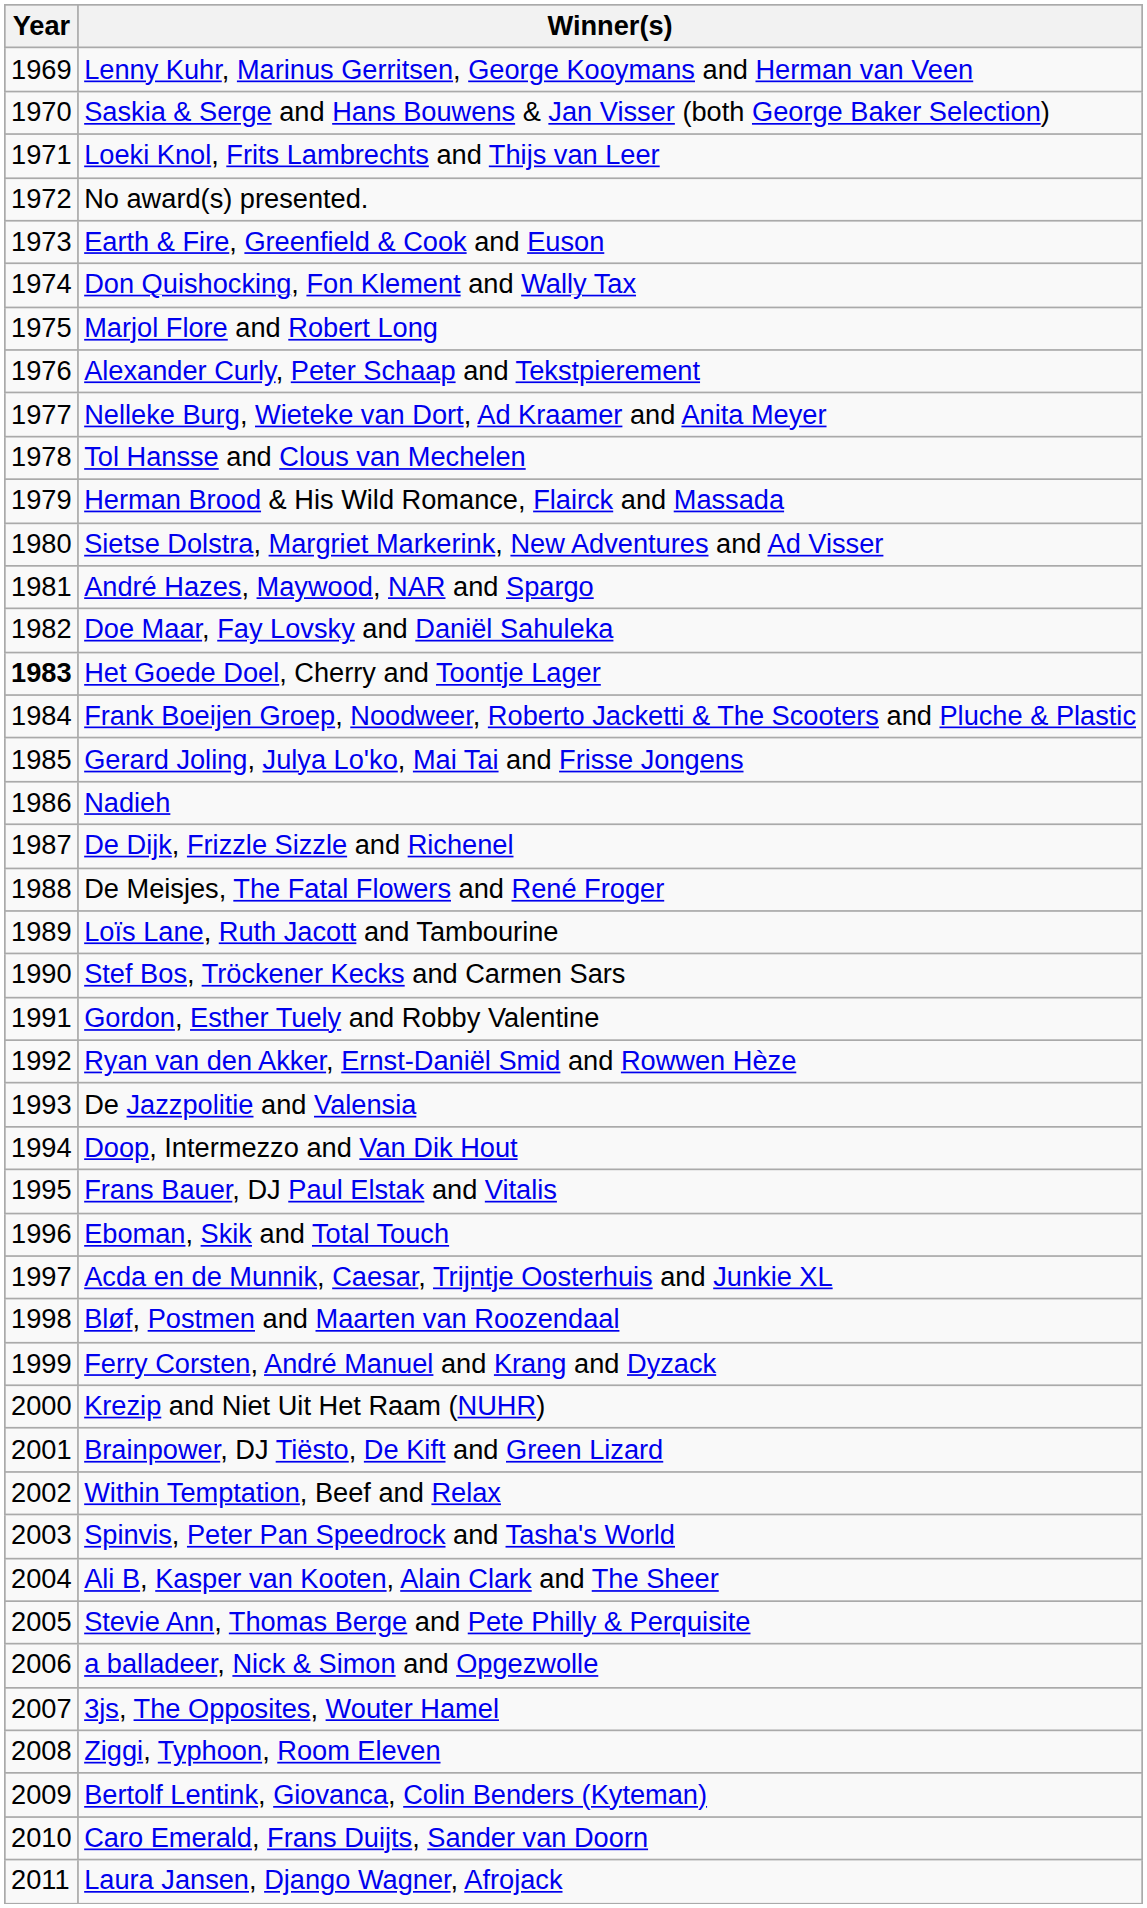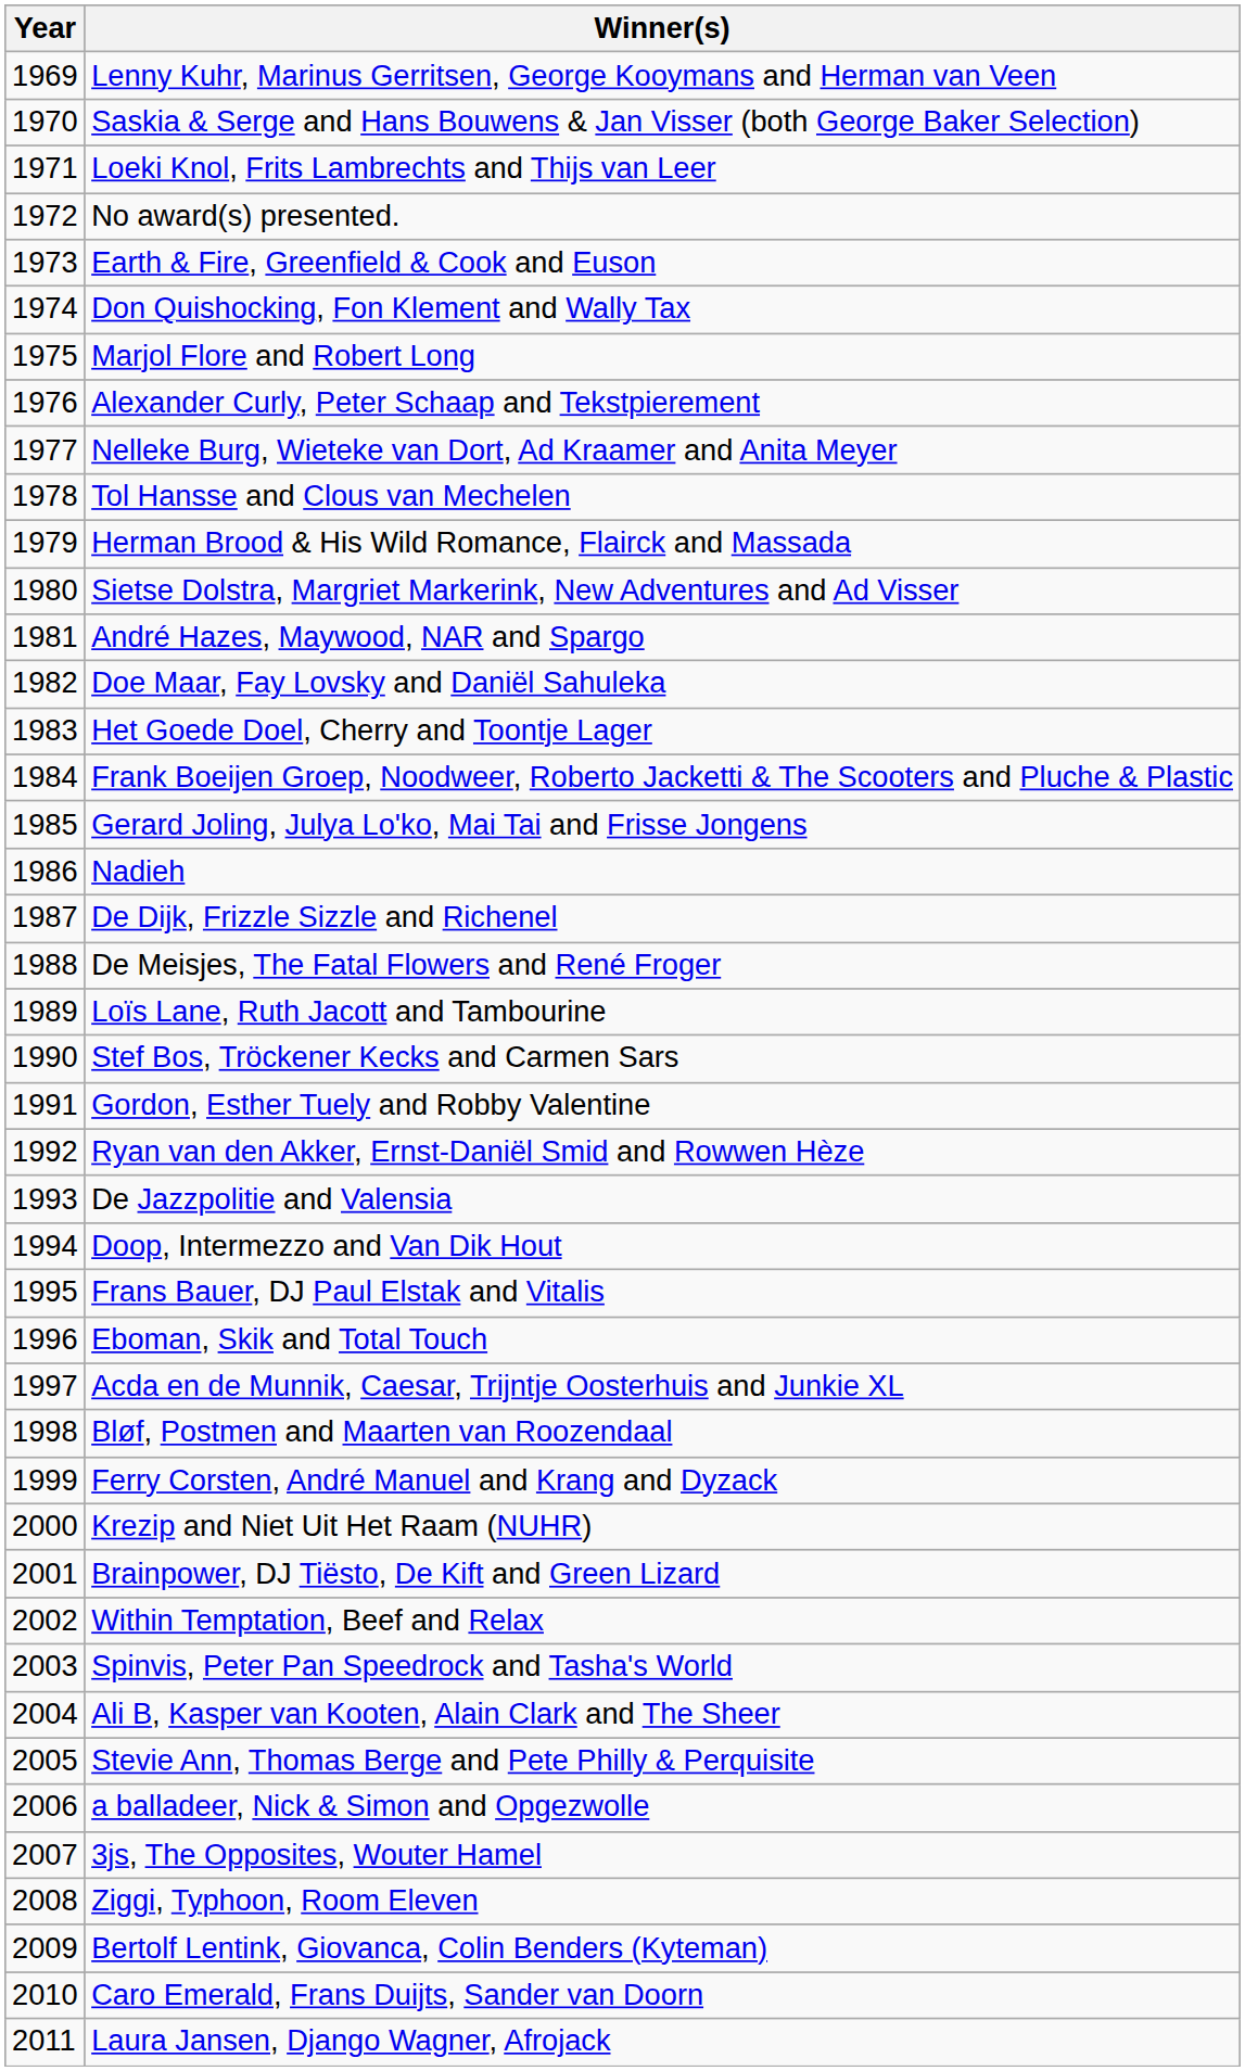 <table class="wikitable">
 <tr>
 <th>Year</th>
 <th>Winner(s)</th>
 </tr>
 <tr>
 <td>1969</td>
 <td><a href='#'>Lenny Kuhr</a>, <a href='#'>Marinus Gerritsen</a>, <a href='#'>George Kooymans</a> and <a href='#'>Herman van Veen</a></td>
 </tr>
 <tr>
 <td>1970</td>
 <td><a href='#'>Saskia & Serge</a> and <a href='#'>Hans Bouwens</a> & <a href='#'>Jan Visser</a> (both <a href='#'>George Baker Selection</a>)</td>
 </tr>
 <tr>
 <td>1971</td>
 <td><a href='#'>Loeki Knol</a>, <a href='#'>Frits Lambrechts</a> and <a href='#'>Thijs van Leer</a></td>
 </tr>
 <tr>
 <td>1972</td>
 <td>No award(s) presented.</td>
 </tr>
 <tr>
 <td>1973</td>
 <td><a href='#'>Earth & Fire</a>, <a href='#'>Greenfield & Cook</a> and <a href='#'>Euson</a></td>
 </tr>
 <tr>
 <td>1974</td>
 <td><a href='#'>Don Quishocking</a>, <a href='#'>Fon Klement</a> and <a href='#'>Wally Tax</a></td>
 </tr>
 <tr>
 <td>1975</td>
 <td><a href='#'>Marjol Flore</a> and <a href='#'>Robert Long</a></td>
 </tr>
 <tr>
 <td>1976</td>
 <td><a href='#'>Alexander Curly</a>, <a href='#'>Peter Schaap</a> and <a href='#'>Tekstpierement</a></td>
 </tr>
 <tr>
 <td>1977</td>
 <td><a href='#'>Nelleke Burg</a>, <a href='#'>Wieteke van Dort</a>, <a href='#'>Ad Kraamer</a> and <a href='#'>Anita Meyer</a></td>
 </tr>
 <tr>
 <td>1978</td>
 <td><a href='#'>Tol Hansse</a> and <a href='#'>Clous van Mechelen</a></td>
 </tr>
 <tr>
 <td>1979</td>
 <td><a href='#'>Herman Brood</a> & His Wild Romance, <a href='#'>Flairck</a> and <a href='#'>Massada</a></td>
 </tr>
 <tr>
 <td>1980</td>
 <td><a href='#'>Sietse Dolstra</a>, <a href='#'>Margriet Markerink</a>, <a href='#'>New Adventures</a> and <a href='#'>Ad Visser</a></td>
 </tr>
 <tr>
 <td>1981</td>
 <td><a href='#'>André Hazes</a>, <a href='#'>Maywood</a>, <a href='#'>NAR</a> and <a href='#'>Spargo</a></td>
 </tr>
 <tr>
 <td>1982</td>
 <td><a href='#'>Doe Maar</a>, <a href='#'>Fay Lovsky</a> and <a href='#'>Daniël Sahuleka</a></td>
 </tr>
 <tr>
-<td><strong>1983</strong></td>
+<td>1983</td>
 <td><a href='#'>Het Goede Doel</a>, Cherry and <a href='#'>Toontje Lager</a></td>
 </tr>
 <tr>
 <td>1984</td>
 <td><a href='#'>Frank Boeijen Groep</a>, <a href='#'>Noodweer</a>, <a href='#'>Roberto Jacketti & The Scooters</a> and <a href='#'>Pluche & Plastic</a></td>
 </tr>
 <tr>
 <td>1985</td>
 <td><a href='#'>Gerard Joling</a>, <a href='#'>Julya Lo'ko</a>, <a href='#'>Mai Tai</a> and <a href='#'>Frisse Jongens</a></td>
 </tr>
 <tr>
 <td>1986</td>
 <td><a href='#'>Nadieh</a></td>
 </tr>
 <tr>
 <td>1987</td>
 <td><a href='#'>De Dijk</a>, <a href='#'>Frizzle Sizzle</a> and <a href='#'>Richenel</a></td>
 </tr>
 <tr>
 <td>1988</td>
 <td>De Meisjes, <a href='#'>The Fatal Flowers</a> and <a href='#'>René Froger</a></td>
 </tr>
 <tr>
 <td>1989</td>
 <td><a href='#'>Loïs Lane</a>, <a href='#'>Ruth Jacott</a> and Tambourine</td>
 </tr>
 <tr>
 <td>1990</td>
 <td><a href='#'>Stef Bos</a>, <a href='#'>Tröckener Kecks</a> and Carmen Sars</td>
 </tr>
 <tr>
 <td>1991</td>
 <td><a href='#'>Gordon</a>, <a href='#'>Esther Tuely</a> and Robby Valentine</td>
 </tr>
 <tr>
 <td>1992</td>
 <td><a href='#'>Ryan van den Akker</a>, <a href='#'>Ernst-Daniël Smid</a> and <a href='#'>Rowwen Hèze</a></td>
 </tr>
 <tr>
 <td>1993</td>
 <td>De <a href='#'>Jazzpolitie</a> and <a href='#'>Valensia</a></td>
 </tr>
 <tr>
 <td>1994</td>
 <td><a href='#'>Doop</a>, Intermezzo and <a href='#'>Van Dik Hout</a></td>
 </tr>
 <tr>
 <td>1995</td>
 <td><a href='#'>Frans Bauer</a>, DJ <a href='#'>Paul Elstak</a> and <a href='#'>Vitalis</a></td>
 </tr>
 <tr>
 <td>1996</td>
 <td><a href='#'>Eboman</a>, <a href='#'>Skik</a> and <a href='#'>Total Touch</a></td>
 </tr>
 <tr>
 <td>1997</td>
 <td><a href='#'>Acda en de Munnik</a>, <a href='#'>Caesar</a>, <a href='#'>Trijntje Oosterhuis</a> and <a href='#'>Junkie XL</a></td>
 </tr>
 <tr>
 <td>1998</td>
 <td><a href='#'>Bløf</a>, <a href='#'>Postmen</a> and <a href='#'>Maarten van Roozendaal</a></td>
 </tr>
 <tr>
 <td>1999</td>
 <td><a href='#'>Ferry Corsten</a>, <a href='#'>André Manuel</a> and <a href='#'>Krang</a> and <a href='#'>Dyzack</a></td>
 </tr>
 <tr>
 <td>2000</td>
 <td><a href='#'>Krezip</a> and Niet Uit Het Raam (<a href='#'>NUHR</a>)</td>
 </tr>
 <tr>
 <td>2001</td>
 <td><a href='#'>Brainpower</a>, DJ <a href='#'>Tiësto</a>, <a href='#'>De Kift</a> and <a href='#'>Green Lizard</a></td>
 </tr>
 <tr>
 <td>2002</td>
 <td><a href='#'>Within Temptation</a>, Beef and <a href='#'>Relax</a></td>
 </tr>
 <tr>
 <td>2003</td>
 <td><a href='#'>Spinvis</a>, <a href='#'>Peter Pan Speedrock</a> and <a href='#'>Tasha's World</a></td>
 </tr>
 <tr>
 <td>2004</td>
 <td><a href='#'>Ali B</a>, <a href='#'>Kasper van Kooten</a>, <a href='#'>Alain Clark</a> and <a href='#'>The Sheer</a></td>
 </tr>
 <tr>
 <td>2005</td>
 <td><a href='#'>Stevie Ann</a>, <a href='#'>Thomas Berge</a> and <a href='#'>Pete Philly & Perquisite</a></td>
 </tr>
 <tr>
 <td>2006</td>
 <td><a href='#'>a balladeer</a>, <a href='#'>Nick & Simon</a> and <a href='#'>Opgezwolle</a></td>
 </tr>
 <tr>
 <td>2007</td>
 <td><a href='#'>3js</a>, <a href='#'>The Opposites</a>, <a href='#'>Wouter Hamel</a></td>
 </tr>
 <tr>
 <td>2008</td>
 <td><a href='#'>Ziggi</a>, <a href='#'>Typhoon</a>, <a href='#'>Room Eleven</a></td>
 </tr>
 <tr>
 <td>2009</td>
 <td><a href='#'>Bertolf Lentink</a>, <a href='#'>Giovanca</a>, <a href='#'>Colin Benders (Kyteman)</a></td>
 </tr>
 <tr>
 <td>2010</td>
 <td><a href='#'>Caro Emerald</a>, <a href='#'>Frans Duijts</a>, <a href='#'>Sander van Doorn</a></td>
 </tr>
 <tr>
 <td>2011</td>
 <td><a href='#'>Laura Jansen</a>, <a href='#'>Django Wagner</a>, <a href='#'>Afrojack</a></td>
 </tr>
 </table>
